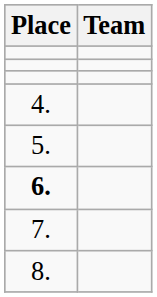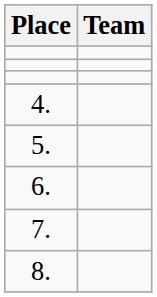 <table class="wikitable">
 <tr>
 <th>Place</th>
 <th>Team</th>
 </tr>
 <tr>
 <td align="center"></td>
 <td></td>
 </tr>
 <tr>
 <td align="center"></td>
 <td></td>
 </tr>
 <tr>
 <td align="center"></td>
 <td></td>
 </tr>
 <tr>
 <td align="center">4.</td>
 <td></td>
 </tr>
 <tr>
 <td align="center">5.</td>
 <td></td>
 </tr>
 <tr>
-<td align="center"><strong>6.</strong></td>
+<td align="center">6.</td>
 <td></td>
 </tr>
 <tr>
 <td align="center">7.</td>
 <td></td>
 </tr>
 <tr>
 <td align="center">8.</td>
 <td></td>
 </tr>
 </table>
